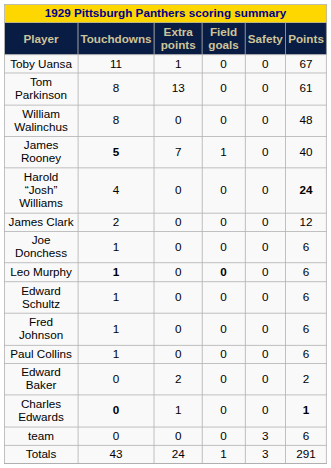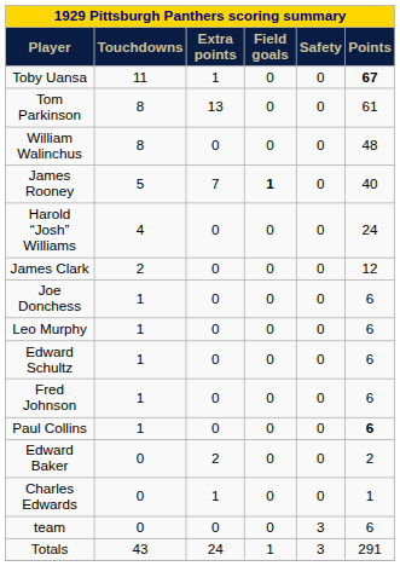 <table class="wikitable" width="35%">
 <tr>
 <th colspan="10" style="background:gold; color:darkblue; text-align: center;"><strong>1929 Pittsburgh Panthers scoring summary</strong></th>
 </tr>
 <tr align="center"  style="background:#091C44;color:#CEC499;">
 <td><strong>Player</strong></td>
 <td><strong>Touchdowns</strong></td>
 <td><strong>Extra points</strong></td>
 <td><strong>Field goals</strong></td>
 <td><strong>Safety</strong></td>
 <td><strong>Points</strong></td>
 </tr>
 <tr align="center" bgcolor="">
 <td>Toby Uansa</td>
 <td>11</td>
 <td>1</td>
 <td>0</td>
 <td>0</td>
-<td>67</td>
+<td><strong>67</strong></td>
 </tr>
 <tr align="center" bgcolor="">
 <td>Tom Parkinson</td>
 <td>8</td>
 <td>13</td>
 <td>0</td>
 <td>0</td>
 <td>61</td>
 </tr>
 <tr align="center" bgcolor="">
 <td>William Walinchus</td>
 <td>8</td>
 <td>0</td>
 <td>0</td>
 <td>0</td>
 <td>48</td>
 </tr>
 <tr align="center" bgcolor="">
 <td>James Rooney</td>
-<td><strong>5</strong></td>
+<td>5</td>
 <td>7</td>
-<td>1</td>
+<td><strong>1</strong></td>
 <td>0</td>
 <td>40</td>
 </tr>
 <tr align="center" bgcolor="">
 <td>Harold “Josh” Williams</td>
 <td>4</td>
 <td>0</td>
 <td>0</td>
 <td>0</td>
-<td><strong>24</strong></td>
+<td>24</td>
 </tr>
 <tr align="center" bgcolor="">
 <td>James Clark</td>
 <td>2</td>
 <td>0</td>
 <td>0</td>
 <td>0</td>
 <td>12</td>
 </tr>
 <tr align="center" bgcolor="">
 <td>Joe Donchess</td>
 <td>1</td>
 <td>0</td>
 <td>0</td>
 <td>0</td>
 <td>6</td>
 </tr>
 <tr align="center" bgcolor="">
 <td>Leo Murphy</td>
-<td><strong>1</strong></td>
+<td>1</td>
 <td>0</td>
-<td><strong>0</strong></td>
+<td>0</td>
 <td>0</td>
 <td>6</td>
 </tr>
 <tr align="center" bgcolor="">
 <td>Edward Schultz</td>
 <td>1</td>
 <td>0</td>
 <td>0</td>
 <td>0</td>
 <td>6</td>
 </tr>
 <tr align="center" bgcolor="">
 <td>Fred Johnson</td>
 <td>1</td>
 <td>0</td>
 <td>0</td>
 <td>0</td>
 <td>6</td>
 </tr>
 <tr align="center" bgcolor="">
 <td>Paul Collins</td>
 <td>1</td>
 <td>0</td>
 <td>0</td>
 <td>0</td>
-<td>6</td>
+<td><strong>6</strong></td>
 </tr>
 <tr align="center" bgcolor="">
 <td>Edward Baker</td>
 <td>0</td>
 <td>2</td>
 <td>0</td>
 <td>0</td>
 <td>2</td>
 </tr>
 <tr align="center" bgcolor="">
 <td>Charles Edwards</td>
-<td><strong>0</strong></td>
+<td>0</td>
 <td>1</td>
 <td>0</td>
 <td>0</td>
-<td><strong>1</strong></td>
+<td>1</td>
 </tr>
 <tr align="center" bgcolor="">
 <td>team</td>
 <td>0</td>
 <td>0</td>
 <td>0</td>
 <td>3</td>
 <td>6</td>
 </tr>
 <tr align="center" bgcolor="">
 <td>Totals</td>
 <td>43</td>
 <td>24</td>
 <td>1</td>
 <td>3</td>
 <td>291</td>
 </tr>
 <tr align="center" bgcolor="">
 </tr>
 </table>
